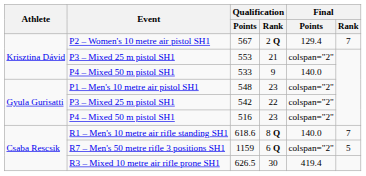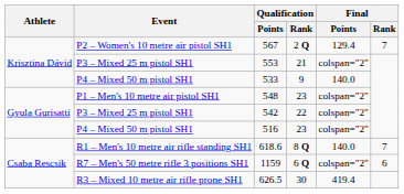 <table class="wikitable" style="font-size:90%">
 <tr>
 <th rowspan="2">Athlete</th>
 <th rowspan="2">Event</th>
 <th colspan="2">Qualification</th>
 <th colspan="2">Final</th>
 </tr>
 <tr style="font-size:95%">
 <th>Points</th>
 <th>Rank</th>
 <th>Points</th>
 <th>Rank</th>
 </tr>
 <tr align="center">
 <td rowspan="3" align="left"><a href='#'>Krisztina Dávid</a></td>
 <td align="left"><a href='#'>P2 – Women's 10 metre air pistol SH1</a></td>
 <td>567</td>
 <td>2 <strong>Q</strong></td>
 <td>129.4</td>
 <td>7</td>
 </tr>
 <tr align="center">
 <td align="left"><a href='#'>P3 – Mixed 25 m pistol SH1</a></td>
 <td>553</td>
 <td>21</td>
 <td>colspan="2" </td>
 </tr>
 <tr align="center">
 <td align="left"><a href='#'>P4 – Mixed  50 m pistol SH1</a></td>
 <td>533</td>
 <td>9</td>
 <td>140.0</td>
 </tr>
 <tr align="center">
 <td rowspan="3" align="left"><a href='#'>Gyula Gurisatti</a></td>
 <td align="left"><a href='#'>P1 – Men's 10 metre air pistol SH1</a></td>
 <td>548</td>
 <td>23</td>
 <td>colspan="2" </td>
 </tr>
 <tr align="center">
 <td align="left"><a href='#'>P3 – Mixed 25 m pistol SH1</a></td>
 <td>542</td>
 <td>22</td>
 <td>colspan="2" </td>
 </tr>
 <tr align="center">
 <td align="left"><a href='#'>P4 – Mixed  50 m pistol SH1</a></td>
 <td>516</td>
 <td>23</td>
 <td>colspan="2" </td>
 </tr>
 <tr align="center">
 <td rowspan="3" align="left"><a href='#'>Csaba Rescsik</a></td>
 <td align="left"><a href='#'>R1 – Men's 10 metre air rifle standing SH1</a></td>
 <td>618.6</td>
 <td>8 <strong>Q</strong></td>
 <td>140.0</td>
 <td>7</td>
 </tr>
 <tr align="center">
 <td align="left"><a href='#'>R7 – Men's 50 metre rifle 3 positions SH1</a></td>
 <td>1159</td>
 <td>6 <strong>Q</strong></td>
 <td>colspan="2" </td>
-<td>5</td>
+<td>6</td>
 </tr>
 <tr align="center">
 <td align="left"><a href='#'>R3 – Mixed 10 metre air rifle prone SH1</a></td>
 <td>626.5</td>
 <td>30</td>
 <td>419.4</td>
 </tr>
 </table>
